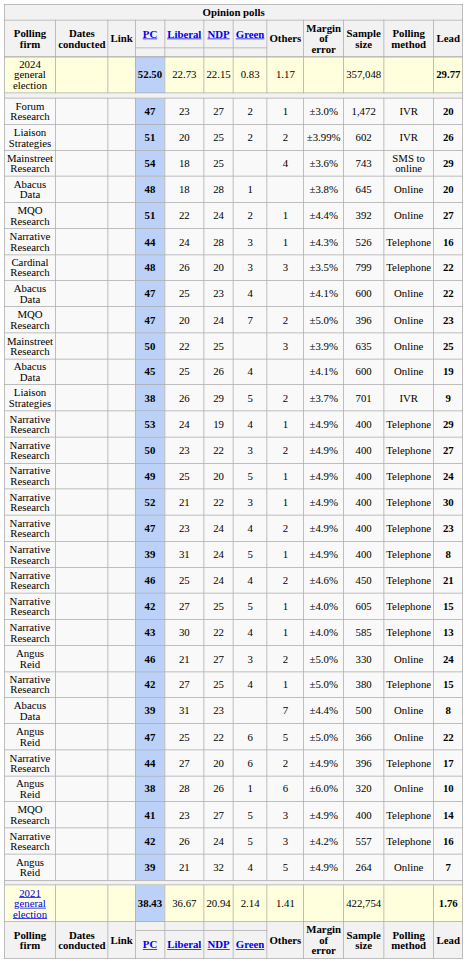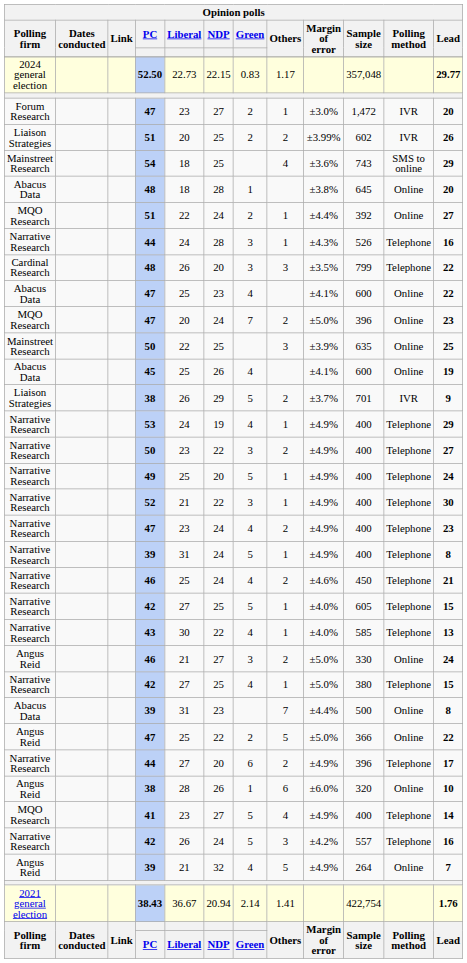 <table class="wikitable collapsible collapsed mw-datatable" style="text-align:center;font-size:90%;line-height:14px">
 <tr>
 <th width=830px, colspan="12">Opinion polls</th>
 </tr>
 <tr>
 <th rowspan="2">Polling firm</th>
 <th rowspan="2">Dates conducted</th>
 <th rowspan="2" class="unsortable">Link</th>
 <th width="60px"><a href='#'>PC</a></th>
 <th width="60px"><a href='#'>Liberal</a></th>
 <th width="60px"><a href='#'>NDP</a></th>
 <th width="60px"><a href='#'>Green</a></th>
 <th rowspan="2">Others</th>
 <th rowspan="2">Margin of error</th>
 <th rowspan="2">Sample size</th>
 <th rowspan="2">Polling method</th>
 <th rowspan="2">Lead</th>
 </tr>
 <tr class="sorttop">
 <th style="background:"></th>
 <th style="background:"></th>
 <th style="background:"></th>
 <th style="background:"></th>
 </tr>
 <tr>
 </tr>
 <tr style="background:#ffd">
 <td>2024 general election</td>
 <td></td>
 <td></td>
 <td style="background:#BCD1F7"><strong>52.50</strong></td>
 <td>22.73</td>
 <td>22.15</td>
 <td>0.83</td>
 <td>1.17</td>
 <td></td>
 <td>357,048</td>
 <td></td>
 <td style="background:"><span><strong>29.77</strong></span></td>
 </tr>
 <tr>
 <th colspan="12"></th>
 </tr>
 <tr>
 <td>Forum Research</td>
 <td></td>
 <td></td>
 <td style="background:#BCD1F7"><strong>47</strong></td>
 <td>23</td>
 <td>27</td>
 <td>2</td>
 <td>1</td>
 <td>±3.0%</td>
 <td>1,472</td>
 <td>IVR</td>
 <td style="background:"><span><strong>20</strong></span></td>
 </tr>
 <tr>
 <td>Liaison Strategies</td>
 <td></td>
 <td></td>
 <td style="background:#BCD1F7"><strong>51</strong></td>
 <td>20</td>
 <td>25</td>
 <td>2</td>
 <td>2</td>
 <td>±3.99%</td>
 <td>602</td>
 <td>IVR</td>
 <td style="background:"><span><strong>26</strong></span></td>
 </tr>
 <tr>
 <td>Mainstreet Research</td>
 <td></td>
 <td></td>
 <td style="background:#BCD1F7"><strong>54</strong></td>
 <td>18</td>
 <td>25</td>
 <td></td>
 <td>4</td>
 <td>±3.6%</td>
 <td>743</td>
 <td>SMS to online</td>
 <td style="background:"><span><strong>29</strong></span></td>
 </tr>
 <tr>
 <td>Abacus Data</td>
 <td></td>
 <td></td>
 <td style="background:#BCD1F7"><strong>48</strong></td>
 <td>18</td>
 <td>28</td>
 <td>1</td>
 <td></td>
 <td>±3.8%</td>
 <td>645</td>
 <td>Online</td>
 <td style="background:"><span><strong>20</strong></span></td>
 </tr>
 <tr>
 <td>MQO Research</td>
 <td></td>
 <td></td>
 <td style="background:#BCD1F7"><strong>51</strong></td>
 <td>22</td>
 <td>24</td>
 <td>2</td>
 <td>1</td>
 <td>±4.4%</td>
 <td>392</td>
 <td>Online</td>
 <td style="background:"><span><strong>27</strong></span></td>
 </tr>
 <tr>
 <td>Narrative Research</td>
 <td></td>
 <td></td>
 <td style="background:#BCD1F7"><strong>44</strong></td>
 <td>24</td>
 <td>28</td>
 <td>3</td>
 <td>1</td>
 <td>±4.3%</td>
 <td>526</td>
 <td>Telephone</td>
 <td style="background:"><span><strong>16</strong></span></td>
 </tr>
 <tr>
 <td>Cardinal Research</td>
 <td></td>
 <td></td>
 <td style="background:#BCD1F7"><strong>48</strong></td>
 <td>26</td>
 <td>20</td>
 <td>3</td>
 <td>3</td>
 <td>±3.5%</td>
 <td>799</td>
 <td>Telephone</td>
 <td style="background:"><span><strong>22</strong></span></td>
 </tr>
 <tr>
 <td>Abacus Data</td>
 <td></td>
 <td></td>
 <td style="background:#BCD1F7"><strong>47</strong></td>
 <td>25</td>
 <td>23</td>
 <td>4</td>
 <td></td>
 <td>±4.1%</td>
 <td>600</td>
 <td>Online</td>
 <td style="background:"><span><strong>22</strong></span></td>
 </tr>
 <tr>
 <td>MQO Research</td>
 <td></td>
 <td></td>
 <td style="background:#BCD1F7"><strong>47</strong></td>
 <td>20</td>
 <td>24</td>
 <td>7</td>
 <td>2</td>
 <td>±5.0%</td>
 <td>396</td>
 <td>Online</td>
 <td style="background:"><span><strong>23</strong></span></td>
 </tr>
 <tr>
 <td>Mainstreet Research</td>
 <td></td>
 <td></td>
 <td style="background:#BCD1F7"><strong>50</strong></td>
 <td>22</td>
 <td>25</td>
 <td></td>
 <td>3</td>
 <td>±3.9%</td>
 <td>635</td>
 <td>Online</td>
 <td style="background:"><span><strong>25</strong></span></td>
 </tr>
 <tr>
 <td>Abacus Data</td>
 <td></td>
 <td></td>
 <td style="background:#BCD1F7"><strong>45</strong></td>
 <td>25</td>
 <td>26</td>
 <td>4</td>
 <td></td>
 <td>±4.1%</td>
 <td>600</td>
 <td>Online</td>
 <td style="background:"><span><strong>19</strong></span></td>
 </tr>
 <tr>
 <td>Liaison Strategies</td>
 <td></td>
 <td></td>
 <td style="background:#BCD1F7"><strong>38</strong></td>
 <td>26</td>
 <td>29</td>
 <td>5</td>
 <td>2</td>
 <td>±3.7%</td>
 <td>701</td>
 <td>IVR</td>
 <td style="background:"><span><strong>9</strong></span></td>
 </tr>
 <tr>
 <td>Narrative Research</td>
 <td></td>
 <td></td>
 <td style="background:#BCD1F7"><strong>53</strong></td>
 <td>24</td>
 <td>19</td>
 <td>4</td>
 <td>1</td>
 <td>±4.9%</td>
 <td>400</td>
 <td>Telephone</td>
 <td style="background:"><span><strong>29</strong></span></td>
 </tr>
 <tr>
 <td>Narrative Research</td>
 <td></td>
 <td></td>
 <td style="background:#BCD1F7"><strong>50</strong></td>
 <td>23</td>
 <td>22</td>
 <td>3</td>
 <td>2</td>
 <td>±4.9%</td>
 <td>400</td>
 <td>Telephone</td>
 <td style="background:"><span><strong>27</strong></span></td>
 </tr>
 <tr>
 <td>Narrative Research</td>
 <td></td>
 <td></td>
 <td style="background:#BCD1F7"><strong>49</strong></td>
 <td>25</td>
 <td>20</td>
 <td>5</td>
 <td>1</td>
 <td>±4.9%</td>
 <td>400</td>
 <td>Telephone</td>
 <td style="background:"><span><strong>24</strong></span></td>
 </tr>
 <tr>
 <td>Narrative Research</td>
 <td></td>
 <td></td>
 <td style="background:#BCD1F7"><strong>52</strong></td>
 <td>21</td>
 <td>22</td>
 <td>3</td>
 <td>1</td>
 <td>±4.9%</td>
 <td>400</td>
 <td>Telephone</td>
 <td style="background:"><span><strong>30</strong></span></td>
 </tr>
 <tr>
 <td>Narrative Research</td>
 <td></td>
 <td></td>
 <td style="background:#BCD1F7"><strong>47</strong></td>
 <td>23</td>
 <td>24</td>
 <td>4</td>
 <td>2</td>
 <td>±4.9%</td>
 <td>400</td>
 <td>Telephone</td>
 <td style="background:"><span><strong>23</strong></span></td>
 </tr>
 <tr>
 <td>Narrative Research</td>
 <td></td>
 <td></td>
 <td style="background:#BCD1F7"><strong>39</strong></td>
 <td>31</td>
 <td>24</td>
 <td>5</td>
 <td>1</td>
 <td>±4.9%</td>
 <td>400</td>
 <td>Telephone</td>
 <td style="background:"><span><strong>8</strong></span></td>
 </tr>
 <tr>
 <td>Narrative Research</td>
 <td></td>
 <td></td>
 <td style="background:#BCD1F7"><strong>46</strong></td>
 <td>25</td>
 <td>24</td>
 <td>4</td>
 <td>2</td>
 <td>±4.6%</td>
 <td>450</td>
 <td>Telephone</td>
 <td style="background:"><span><strong>21</strong></span></td>
 </tr>
 <tr>
 <td>Narrative Research</td>
 <td></td>
 <td></td>
 <td style="background:#BCD1F7"><strong>42</strong></td>
 <td>27</td>
 <td>25</td>
 <td>5</td>
 <td>1</td>
 <td>±4.0%</td>
 <td>605</td>
 <td>Telephone</td>
 <td style="background:"><span><strong>15</strong></span></td>
 </tr>
 <tr>
 <td>Narrative Research</td>
 <td></td>
 <td></td>
 <td style="background:#BCD1F7"><strong>43</strong></td>
 <td>30</td>
 <td>22</td>
 <td>4</td>
 <td>1</td>
 <td>±4.0%</td>
 <td>585</td>
 <td>Telephone</td>
 <td style="background:"><span><strong>13</strong></span></td>
 </tr>
 <tr>
 <td>Angus Reid</td>
 <td></td>
 <td></td>
 <td style="background:#BCD1F7"><strong>46</strong></td>
 <td>21</td>
 <td>27</td>
 <td>3</td>
 <td>2</td>
 <td>±5.0%</td>
 <td>330</td>
 <td>Online</td>
 <td style="background:"><span><strong>24</strong></span></td>
 </tr>
 <tr>
 <td>Narrative Research</td>
 <td></td>
 <td></td>
 <td style="background:#BCD1F7"><strong>42</strong></td>
 <td>27</td>
 <td>25</td>
 <td>4</td>
 <td>1</td>
 <td>±5.0%</td>
 <td>380</td>
 <td>Telephone</td>
 <td style="background:"><span><strong>15</strong></span></td>
 </tr>
 <tr>
 <td>Abacus Data</td>
 <td></td>
 <td></td>
 <td style="background:#BCD1F7"><strong>39</strong></td>
 <td>31</td>
 <td>23</td>
 <td></td>
 <td>7</td>
 <td>±4.4%</td>
 <td>500</td>
 <td>Online</td>
 <td style="background:"><span><strong>8</strong></span></td>
 </tr>
 <tr>
 <td>Angus Reid</td>
 <td></td>
 <td></td>
 <td style="background:#BCD1F7"><strong>47</strong></td>
 <td>25</td>
 <td>22</td>
-<td>6</td>
+<td>2</td>
 <td>5</td>
 <td>±5.0%</td>
 <td>366</td>
 <td>Online</td>
 <td style="background:"><span><strong>22</strong></span></td>
 </tr>
 <tr>
 <td>Narrative Research</td>
 <td></td>
 <td></td>
 <td style="background:#BCD1F7"><strong>44</strong></td>
 <td>27</td>
 <td>20</td>
 <td>6</td>
 <td>2</td>
 <td>±4.9%</td>
 <td>396</td>
 <td>Telephone</td>
 <td style="background:"><span><strong>17</strong></span></td>
 </tr>
 <tr>
 <td>Angus Reid</td>
 <td></td>
 <td></td>
 <td style="background:#BCD1F7"><strong>38</strong></td>
 <td>28</td>
 <td>26</td>
 <td>1</td>
 <td>6</td>
 <td>±6.0%</td>
 <td>320</td>
 <td>Online</td>
 <td style="background:"><span><strong>10</strong></span></td>
 </tr>
 <tr>
 <td>MQO Research</td>
 <td></td>
 <td></td>
 <td style="background:#BCD1F7"><strong>41</strong></td>
 <td>23</td>
 <td>27</td>
 <td>5</td>
-<td>3</td>
+<td>4</td>
 <td>±4.9%</td>
 <td>400</td>
 <td>Telephone</td>
 <td style="background:"><span><strong>14</strong></span></td>
 </tr>
 <tr>
 <td>Narrative Research</td>
 <td></td>
 <td></td>
 <td style="background:#BCD1F7"><strong>42</strong></td>
 <td>26</td>
 <td>24</td>
 <td>5</td>
 <td>3</td>
 <td>±4.2%</td>
 <td>557</td>
 <td>Telephone</td>
 <td style="background:"><span><strong>16</strong></span></td>
 </tr>
 <tr>
 <td>Angus Reid</td>
 <td></td>
 <td></td>
 <td style="background:#BCD1F7"><strong>39</strong></td>
 <td>21</td>
 <td>32</td>
 <td>4</td>
 <td>5</td>
 <td>±4.9%</td>
 <td>264</td>
 <td>Online</td>
 <td style="background:"><span><strong>7</strong></span></td>
 </tr>
 <tr>
 <th colspan="12"></th>
 </tr>
 <tr style="background:#ffd">
 <td><a href='#'>2021 general election</a></td>
 <td></td>
 <td></td>
 <td style="background:#BCD1F7"><strong>38.43</strong></td>
 <td>36.67</td>
 <td>20.94</td>
 <td>2.14</td>
 <td>1.41</td>
 <td></td>
 <td>422,754</td>
 <td></td>
 <td style="background:"><span><strong>1.76</strong></span></td>
 </tr>
 <tr>
 <th rowspan="2">Polling firm</th>
 <th rowspan="2">Dates conducted</th>
 <th rowspan="2" class="unsortable">Link</th>
 <th style="background:"></th>
 <th style="background:"></th>
 <th style="background:"></th>
 <th style="background:"></th>
 <th rowspan="2">Others</th>
 <th rowspan="2">Margin of error</th>
 <th rowspan="2">Sample size</th>
 <th rowspan="2">Polling method</th>
 <th rowspan="2">Lead</th>
 </tr>
 <tr>
 <th width="60px" class="unsortable"><a href='#'>PC</a></th>
 <th width="60px" class="unsortable"><a href='#'>Liberal</a></th>
 <th width="60px" class="unsortable"><a href='#'>NDP</a></th>
 <th width="60px" class="unsortable"><a href='#'>Green</a></th>
 </tr>
 </table>
